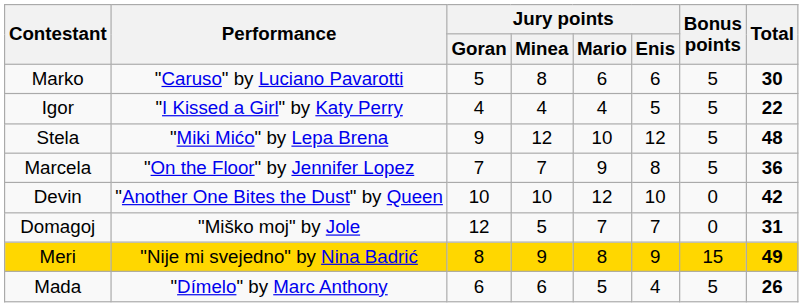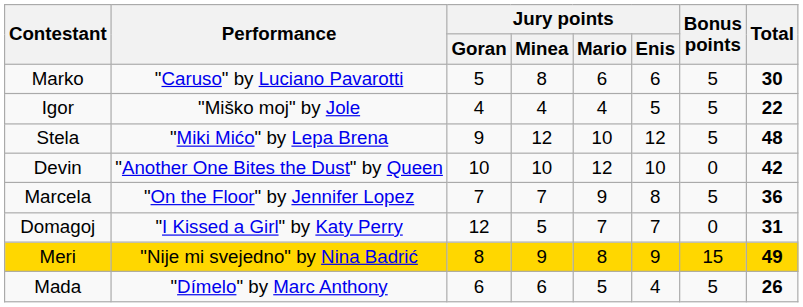 <table class="wikitable sortable" style="text-align: center;">
 <tr>
 <th rowspan="2">Contestant</th>
 <th rowspan="2">Performance</th>
 <th colspan="4">Jury points</th>
 <th rowspan="2">Bonus<br>points</th>
 <th rowspan="2">Total</th>
 </tr>
 <tr>
 <th>Goran</th>
 <th>Minea</th>
 <th>Mario</th>
 <th>Enis</th>
 </tr>
 <tr>
 <td>Marko</td>
 <td>"<a href='#'>Caruso</a>" by <a href='#'>Luciano Pavarotti</a></td>
 <td>5</td>
 <td>8</td>
 <td>6</td>
 <td>6</td>
 <td>5</td>
 <td><strong>30</strong></td>
 </tr>
 <tr>
 <td>Igor</td>
-<td>"<a href='#'>I Kissed a Girl</a>" by <a href='#'>Katy Perry</a></td>
+<td>"Miško moj" by <a href='#'>Jole</a></td>
 <td>4</td>
 <td>4</td>
 <td>4</td>
 <td>5</td>
 <td>5</td>
 <td><strong>22</strong></td>
 </tr>
 <tr>
 <td>Stela</td>
 <td>"<a href='#'>Miki Mićo</a>" by <a href='#'>Lepa Brena</a></td>
 <td>9</td>
 <td>12</td>
 <td>10</td>
 <td>12</td>
 <td>5</td>
 <td><strong>48</strong></td>
 </tr>
 <tr>
+<td>Devin</td>
+<td>"<a href='#'>Another One Bites the Dust</a>" by <a href='#'>Queen</a></td>
+<td>10</td>
+<td>10</td>
+<td>12</td>
+<td>10</td>
+<td>0</td>
+<td><strong>42</strong></td>
+</tr>
+<tr>
 <td>Marcela</td>
 <td>"<a href='#'>On the Floor</a>" by <a href='#'>Jennifer Lopez</a></td>
 <td>7</td>
 <td>7</td>
 <td>9</td>
 <td>8</td>
 <td>5</td>
 <td><strong>36</strong></td>
 </tr>
 <tr>
-<td>Devin</td>
-<td>"<a href='#'>Another One Bites the Dust</a>" by <a href='#'>Queen</a></td>
-<td>10</td>
-<td>10</td>
-<td>12</td>
-<td>10</td>
-<td>0</td>
-<td><strong>42</strong></td>
-</tr>
-<tr>
 <td>Domagoj</td>
-<td>"Miško moj" by <a href='#'>Jole</a></td>
+<td>"<a href='#'>I Kissed a Girl</a>" by <a href='#'>Katy Perry</a></td>
 <td>12</td>
 <td>5</td>
 <td>7</td>
 <td>7</td>
 <td>0</td>
 <td><strong>31</strong></td>
 </tr>
 <tr style="background-color:gold;">
 <td>Meri</td>
 <td>"Nije mi svejedno" by <a href='#'>Nina Badrić</a></td>
 <td>8</td>
 <td>9</td>
 <td>8</td>
 <td>9</td>
 <td>15</td>
 <td><strong>49</strong></td>
 </tr>
 <tr>
 <td>Mada</td>
 <td>"<a href='#'>Dímelo</a>" by <a href='#'>Marc Anthony</a></td>
 <td>6</td>
 <td>6</td>
 <td>5</td>
 <td>4</td>
 <td>5</td>
 <td><strong>26</strong></td>
 </tr>
 </table>
